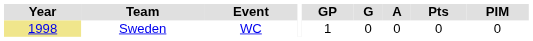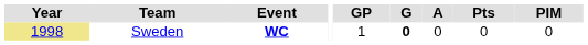 <table border="0" cellpadding="1" cellspacing="0" ID="Table3" style="text-align:center; width:40em">
 <tr ALIGN="center" bgcolor="#e0e0e0">
 <th>Year</th>
 <th>Team</th>
 <th>Event</th>
 <th rowspan="99" bgcolor="#ffffff"></th>
 <th>GP</th>
 <th>G</th>
 <th>A</th>
 <th>Pts</th>
 <th>PIM</th>
 </tr>
 <tr>
 <td style="background: khaki;"><a href='#'>1998</a></td>
 <td><a href='#'>Sweden</a></td>
-<td><a href='#'>WC</a></td>
+<td><strong><a href='#'>WC</a></strong></td>
 <td>1</td>
-<td>0</td>
+<td><strong>0</strong></td>
 <td>0</td>
 <td>0</td>
 <td>0</td>
 </tr>
 </table>
